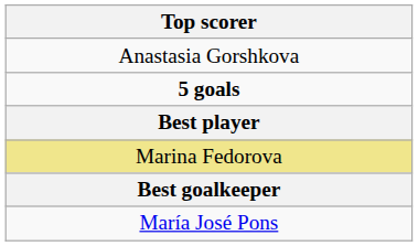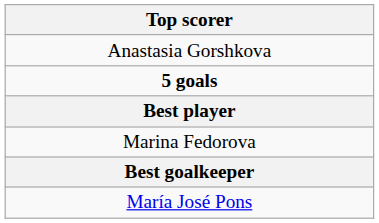 <table class="wikitable" style="margin: 1em auto 1em auto;">
 <tr>
 <th width=300>Top scorer</th>
 </tr>
 <tr align=center style="background:">
 <td style="text-align:center;"> Anastasia Gorshkova</td>
 </tr>
 <tr>
 <td style="text-align:center;"><strong>5 goals</strong></td>
 </tr>
 <tr>
 <th>Best player</th>
 </tr>
 <tr>
-<td style="background: khaki; text-align:center;"> Marina Fedorova</td>
+<td style="text-align:center;"> Marina Fedorova</td>
 </tr>
 <tr>
 <th>Best goalkeeper</th>
 </tr>
 <tr>
 <td style="text-align:center;"> <a href='#'>María José Pons</a></td>
 </tr>
 </table>
